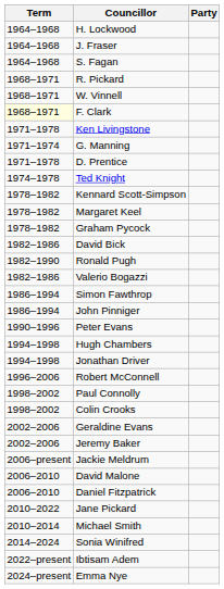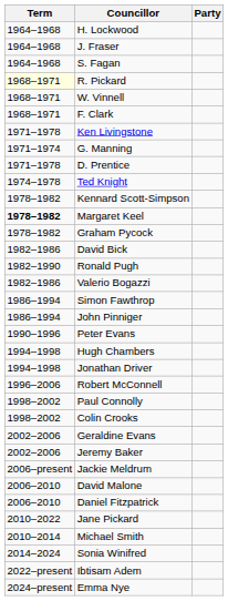 <table class="wikitable">
 <tr>
 <th>Term</th>
 <th>Councillor</th>
 <th colspan=2>Party</th>
 </tr>
 <tr>
 <td>1964–1968</td>
 <td>H. Lockwood</td>
 <td></td>
 </tr>
 <tr>
 <td>1964–1968</td>
 <td>J. Fraser</td>
 <td></td>
 </tr>
 <tr>
 <td>1964–1968</td>
 <td>S. Fagan</td>
 <td></td>
 </tr>
 <tr>
-<td>1968–1971</td>
+<td style="background: lightyellow;">1968–1971</td>
 <td>R. Pickard</td>
 <td></td>
 </tr>
 <tr>
 <td>1968–1971</td>
 <td>W. Vinnell</td>
 <td></td>
 </tr>
 <tr>
-<td style="background: lightyellow;">1968–1971</td>
+<td>1968–1971</td>
 <td>F. Clark</td>
 <td></td>
 </tr>
 <tr>
 <td>1971–1978</td>
 <td><a href='#'>Ken Livingstone</a></td>
 <td></td>
 </tr>
 <tr>
 <td>1971–1974</td>
 <td>G. Manning</td>
 <td></td>
 </tr>
 <tr>
 <td>1971–1978</td>
 <td>D. Prentice</td>
 <td></td>
 </tr>
 <tr>
 <td>1974–1978</td>
 <td><a href='#'>Ted Knight</a></td>
 <td></td>
 </tr>
 <tr>
 <td>1978–1982</td>
 <td>Kennard Scott-Simpson</td>
 <td></td>
 </tr>
 <tr>
-<td>1978–1982</td>
+<td><strong>1978–1982</strong></td>
 <td>Margaret Keel</td>
 <td></td>
 </tr>
 <tr>
 <td>1978–1982</td>
 <td>Graham Pycock</td>
 <td></td>
 </tr>
 <tr>
 <td>1982–1986</td>
 <td>David Bick</td>
 <td></td>
 </tr>
 <tr>
 <td>1982–1990</td>
 <td>Ronald Pugh</td>
 <td></td>
 </tr>
 <tr>
 <td>1982–1986</td>
 <td>Valerio Bogazzi</td>
 <td></td>
 </tr>
 <tr>
 <td>1986–1994</td>
 <td>Simon Fawthrop</td>
 <td></td>
 </tr>
 <tr>
 <td>1986–1994</td>
 <td>John Pinniger</td>
 <td></td>
 </tr>
 <tr>
 <td>1990–1996</td>
 <td>Peter Evans</td>
 <td></td>
 </tr>
 <tr>
 <td>1994–1998</td>
 <td>Hugh Chambers</td>
 <td></td>
 </tr>
 <tr>
 <td>1994–1998</td>
 <td>Jonathan Driver</td>
 <td></td>
 </tr>
 <tr>
 <td>1996–2006</td>
 <td>Robert McConnell</td>
 <td></td>
 </tr>
 <tr>
 <td>1998–2002</td>
 <td>Paul Connolly</td>
 <td></td>
 </tr>
 <tr>
 <td>1998–2002</td>
 <td>Colin Crooks</td>
 <td></td>
 </tr>
 <tr>
 <td>2002–2006</td>
 <td>Geraldine Evans</td>
 <td></td>
 </tr>
 <tr>
 <td>2002–2006</td>
 <td>Jeremy Baker</td>
 <td></td>
 </tr>
 <tr>
 <td>2006–present</td>
 <td>Jackie Meldrum</td>
 <td></td>
 </tr>
 <tr>
 <td>2006–2010</td>
 <td>David Malone</td>
 <td></td>
 </tr>
 <tr>
 <td>2006–2010</td>
 <td>Daniel Fitzpatrick</td>
 <td></td>
 </tr>
 <tr>
 <td>2010–2022</td>
 <td>Jane Pickard</td>
 <td></td>
 </tr>
 <tr>
 <td>2010–2014</td>
 <td>Michael Smith</td>
 <td></td>
 </tr>
 <tr>
 <td>2014–2024</td>
 <td>Sonia Winifred</td>
 <td></td>
 </tr>
 <tr>
 <td>2022–present</td>
 <td>Ibtisam Adem</td>
 <td></td>
 </tr>
 <tr>
 <td>2024–present</td>
 <td>Emma Nye</td>
 <td></td>
 </tr>
 </table>
